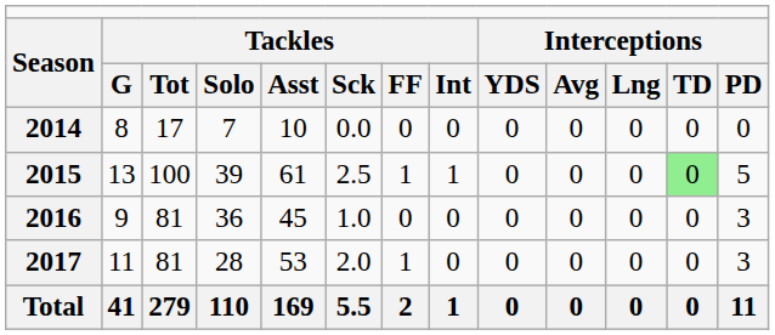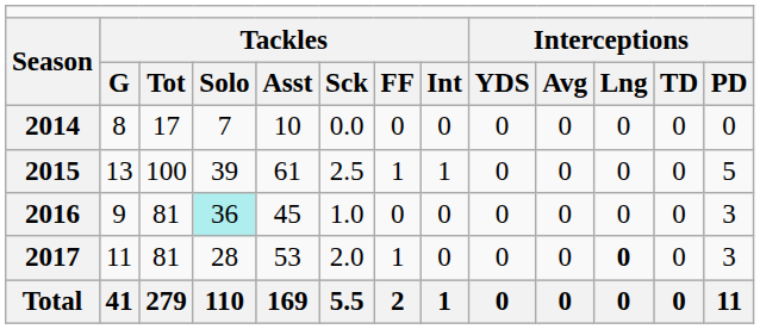 <table class=wikitable style="text-align:center;">
 <tr>
 <td ! colspan="14"></td>
 </tr>
 <tr>
 <th rowspan=2>Season</th>
 <th colspan=7>Tackles</th>
 <th colspan=6>Interceptions</th>
 </tr>
 <tr>
 <th>G</th>
 <th>Tot</th>
 <th>Solo</th>
 <th>Asst</th>
 <th>Sck</th>
 <th>FF</th>
 <th>Int</th>
 <th>YDS</th>
 <th>Avg</th>
 <th>Lng</th>
 <th>TD</th>
 <th>PD</th>
 </tr>
 <tr>
 <th><strong>2014</strong></th>
 <td>8</td>
 <td>17</td>
 <td>7</td>
 <td>10</td>
 <td>0.0</td>
 <td>0</td>
 <td>0</td>
 <td>0</td>
 <td>0</td>
 <td>0</td>
 <td>0</td>
 <td>0</td>
 </tr>
 <tr>
 <th><strong>2015</strong></th>
 <td>13</td>
 <td>100</td>
 <td>39</td>
 <td>61</td>
 <td>2.5</td>
 <td>1</td>
 <td>1</td>
 <td>0</td>
 <td>0</td>
 <td>0</td>
-<td style="background: lightgreen;">0</td>
+<td>0</td>
 <td>5</td>
 </tr>
 <tr>
 <th><strong>2016</strong></th>
 <td>9</td>
 <td>81</td>
-<td>36</td>
+<td style="background: paleturquoise;">36</td>
 <td>45</td>
 <td>1.0</td>
 <td>0</td>
 <td>0</td>
 <td>0</td>
 <td>0</td>
 <td>0</td>
 <td>0</td>
 <td>3</td>
 </tr>
 <tr>
 <th><strong>2017</strong></th>
 <td>11</td>
 <td>81</td>
 <td>28</td>
 <td>53</td>
 <td>2.0</td>
 <td>1</td>
 <td>0</td>
 <td>0</td>
 <td>0</td>
-<td>0</td>
+<td><strong>0</strong></td>
 <td>0</td>
 <td>3</td>
 </tr>
 <tr>
 <th>Total</th>
 <th>41</th>
 <th>279</th>
 <th>110</th>
 <th>169</th>
 <th>5.5</th>
 <th>2</th>
 <th>1</th>
 <th>0</th>
 <th>0</th>
 <th>0</th>
 <th>0</th>
 <th>11</th>
 </tr>
 </table>
